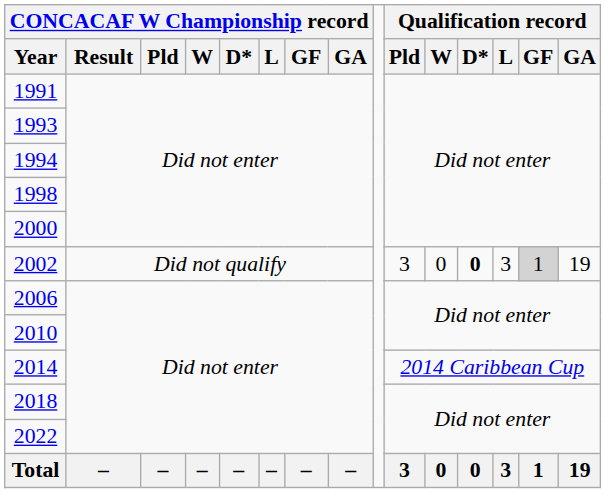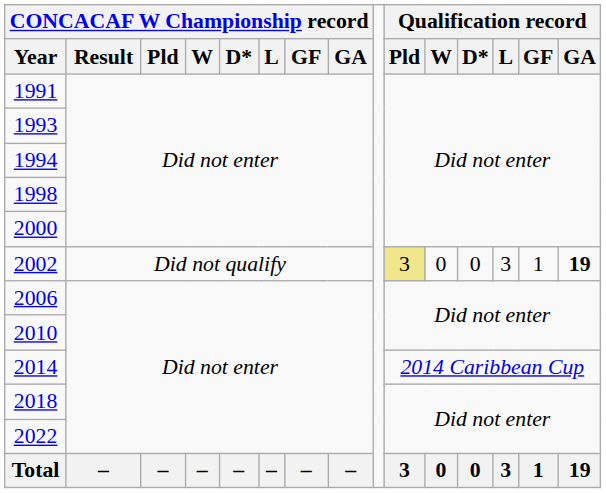 <table class="wikitable" style="text-align: center;">
 <tr>
 <th colspan=8><a href='#'>CONCACAF W Championship</a> record</th>
 <td rowspan=14></td>
 <th colspan=6>Qualification record</th>
 </tr>
 <tr>
 <th>Year</th>
 <th>Result</th>
 <th>Pld</th>
 <th>W</th>
 <th>D*</th>
 <th>L</th>
 <th>GF</th>
 <th>GA</th>
 <th>Pld</th>
 <th>W</th>
 <th>D*</th>
 <th>L</th>
 <th>GF</th>
 <th>GA</th>
 </tr>
 <tr>
 <td> <a href='#'>1991</a></td>
 <td colspan=7 rowspan=5><em>Did not enter</em></td>
 <td colspan=6 rowspan=5><em>Did not enter</em></td>
 </tr>
 <tr>
 <td> <a href='#'>1993</a></td>
 </tr>
 <tr>
 <td> <a href='#'>1994</a></td>
 </tr>
 <tr>
 <td> <a href='#'>1998</a></td>
 </tr>
 <tr>
 <td> <a href='#'>2000</a></td>
 </tr>
 <tr>
 <td> <a href='#'>2002</a></td>
 <td colspan=7><em>Did not qualify</em></td>
+<td style="background: khaki;">3</td>
+<td>0</td>
+<td>0</td>
 <td>3</td>
-<td>0</td>
-<td><strong>0</strong></td>
-<td>3</td>
-<td style="background: lightgrey;">1</td>
-<td>19</td>
+<td>1</td>
+<td><strong>19</strong></td>
 </tr>
 <tr>
 <td> <a href='#'>2006</a></td>
 <td colspan=7 rowspan=5><em>Did not enter</em></td>
 <td colspan=6 rowspan=2><em>Did not enter</em></td>
 </tr>
 <tr>
 <td> <a href='#'>2010</a></td>
 </tr>
 <tr>
 <td> <a href='#'>2014</a></td>
 <td colspan=6><em><a href='#'>2014 Caribbean Cup</a></em></td>
 </tr>
 <tr>
 <td> <a href='#'>2018</a></td>
 <td colspan=6 rowspan=2><em>Did not enter</em></td>
 </tr>
 <tr>
 <td> <a href='#'>2022</a></td>
 </tr>
 <tr>
 <th>Total</th>
 <th>–</th>
 <th>–</th>
 <th>–</th>
 <th>–</th>
 <th>–</th>
 <th>–</th>
 <th>–</th>
 <th>3</th>
 <th>0</th>
 <th>0</th>
 <th>3</th>
 <th>1</th>
 <th>19</th>
 </tr>
 </table>
